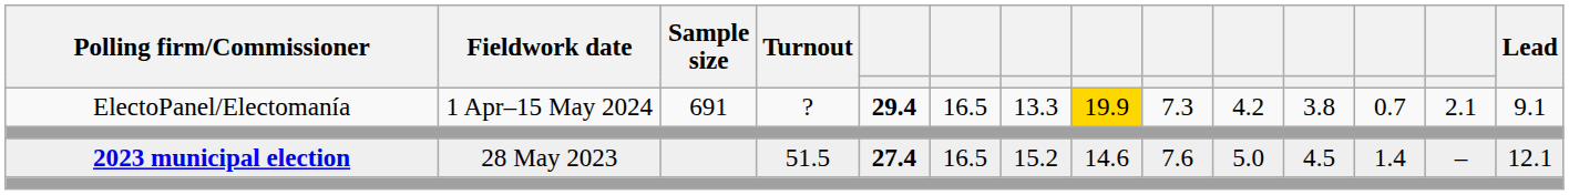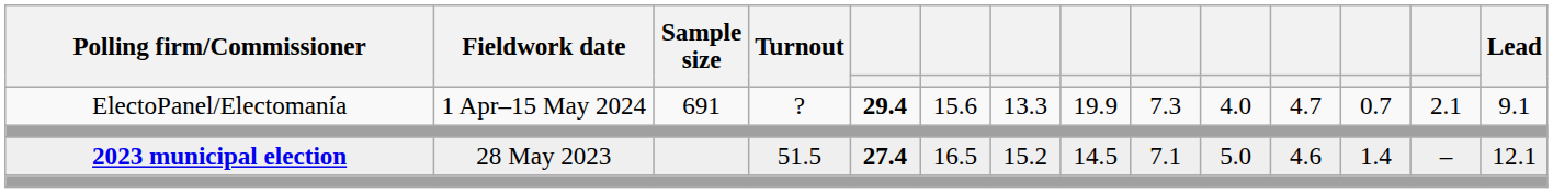 <table class="wikitable collapsible collapsed" style="text-align:center; font-size:95%; line-height:16px;">
 <tr style="height:42px;">
 <th style="width:250px;" rowspan="2">Polling firm/Commissioner</th>
 <th style="width:125px;" rowspan="2">Fieldwork date</th>
 <th style="width:50px;" rowspan="2">Sample size</th>
 <th style="width:45px;" rowspan="2">Turnout</th>
 <th style="width:35px;"></th>
 <th style="width:35px;"></th>
 <th style="width:35px;"></th>
 <th style="width:35px;"></th>
 <th style="width:35px;"></th>
 <th style="width:35px;"><br></th>
 <th style="width:35px;"></th>
 <th style="width:35px;"></th>
 <th style="width:35px;"></th>
 <th style="width:30px;" rowspan="2">Lead</th>
 </tr>
 <tr>
 <th style="color:inherit;background:"></th>
 <th style="color:inherit;background:"></th>
 <th style="color:inherit;background:"></th>
 <th style="color:inherit;background:"></th>
 <th style="color:inherit;background:"></th>
 <th style="color:inherit;background:"></th>
 <th style="color:inherit;background:"></th>
 <th style="color:inherit;background:"></th>
 <th style="color:inherit;background:"></th>
 </tr>
 <tr>
 <td>ElectoPanel/Electomanía</td>
 <td>1 Apr–15 May 2024</td>
 <td>691</td>
 <td>?</td>
 <td><strong>29.4</strong><br></td>
-<td>16.5<br></td>
+<td>15.6<br></td>
 <td>13.3<br></td>
-<td style="background: gold;">19.9<br></td>
+<td>19.9<br></td>
 <td>7.3<br></td>
-<td>4.2<br></td>
-<td>3.8<br></td>
+<td>4.0<br></td>
+<td>4.7<br></td>
 <td>0.7<br></td>
 <td>2.1<br></td>
 <td style="background:">9.1</td>
 </tr>
 <tr>
 <td colspan="14" style="background:#A0A0A0"></td>
 </tr>
 <tr style="background:#EFEFEF;">
 <td><strong><a href='#'>2023 municipal election</a></strong></td>
 <td>28 May 2023</td>
 <td></td>
 <td>51.5</td>
 <td><strong>27.4</strong><br></td>
 <td>16.5<br></td>
 <td>15.2<br></td>
-<td>14.6<br></td>
-<td>7.6<br></td>
+<td>14.5<br></td>
+<td>7.1<br></td>
 <td>5.0<br></td>
-<td>4.5<br></td>
+<td>4.6<br></td>
 <td>1.4<br></td>
 <td>–</td>
 <td style="background:">12.1</td>
 </tr>
 <tr>
 <td colspan="14" style="background:#A0A0A0"></td>
 </tr>
 </table>
